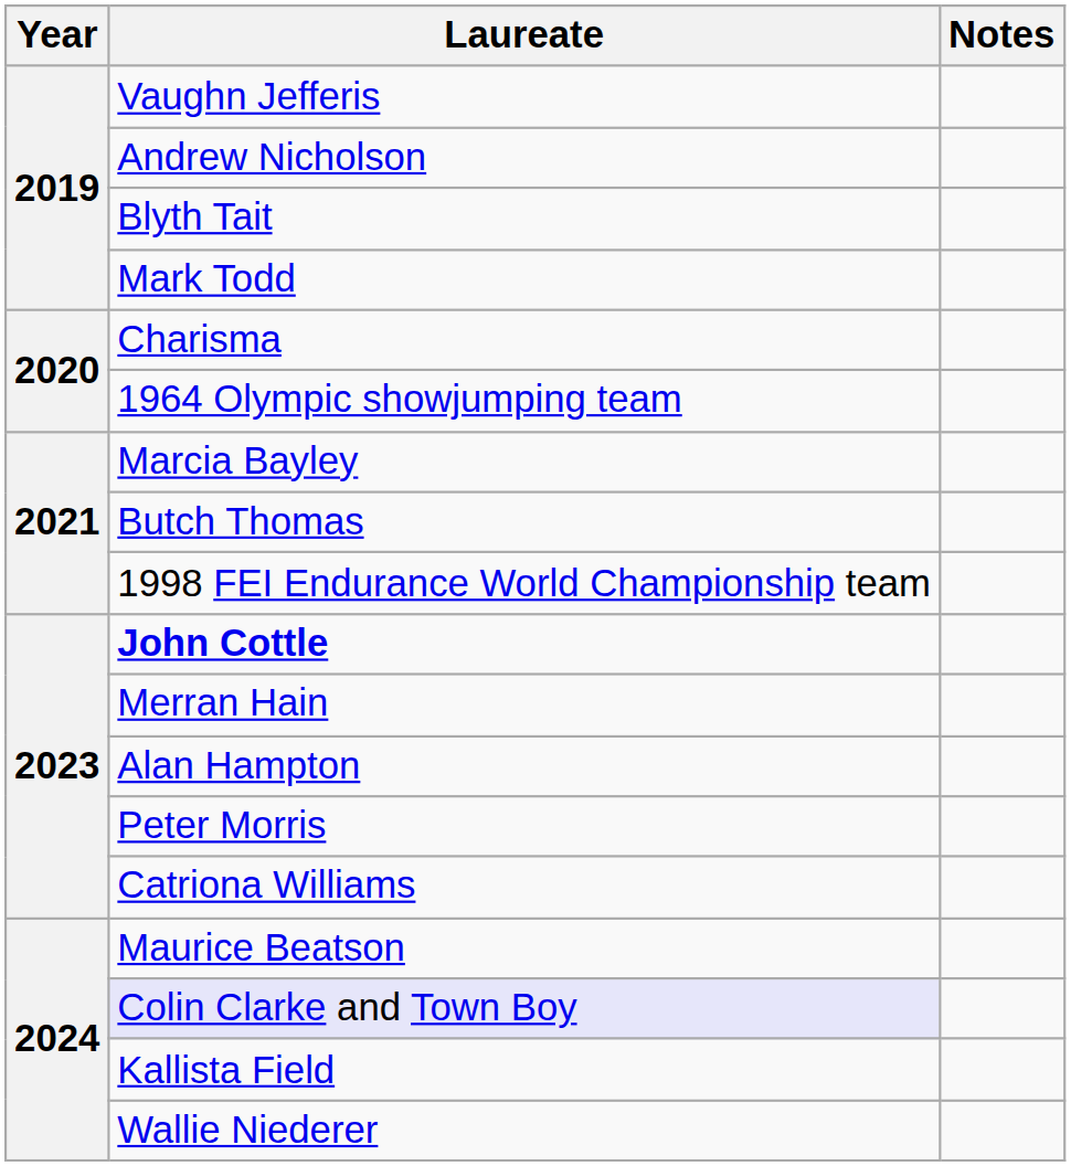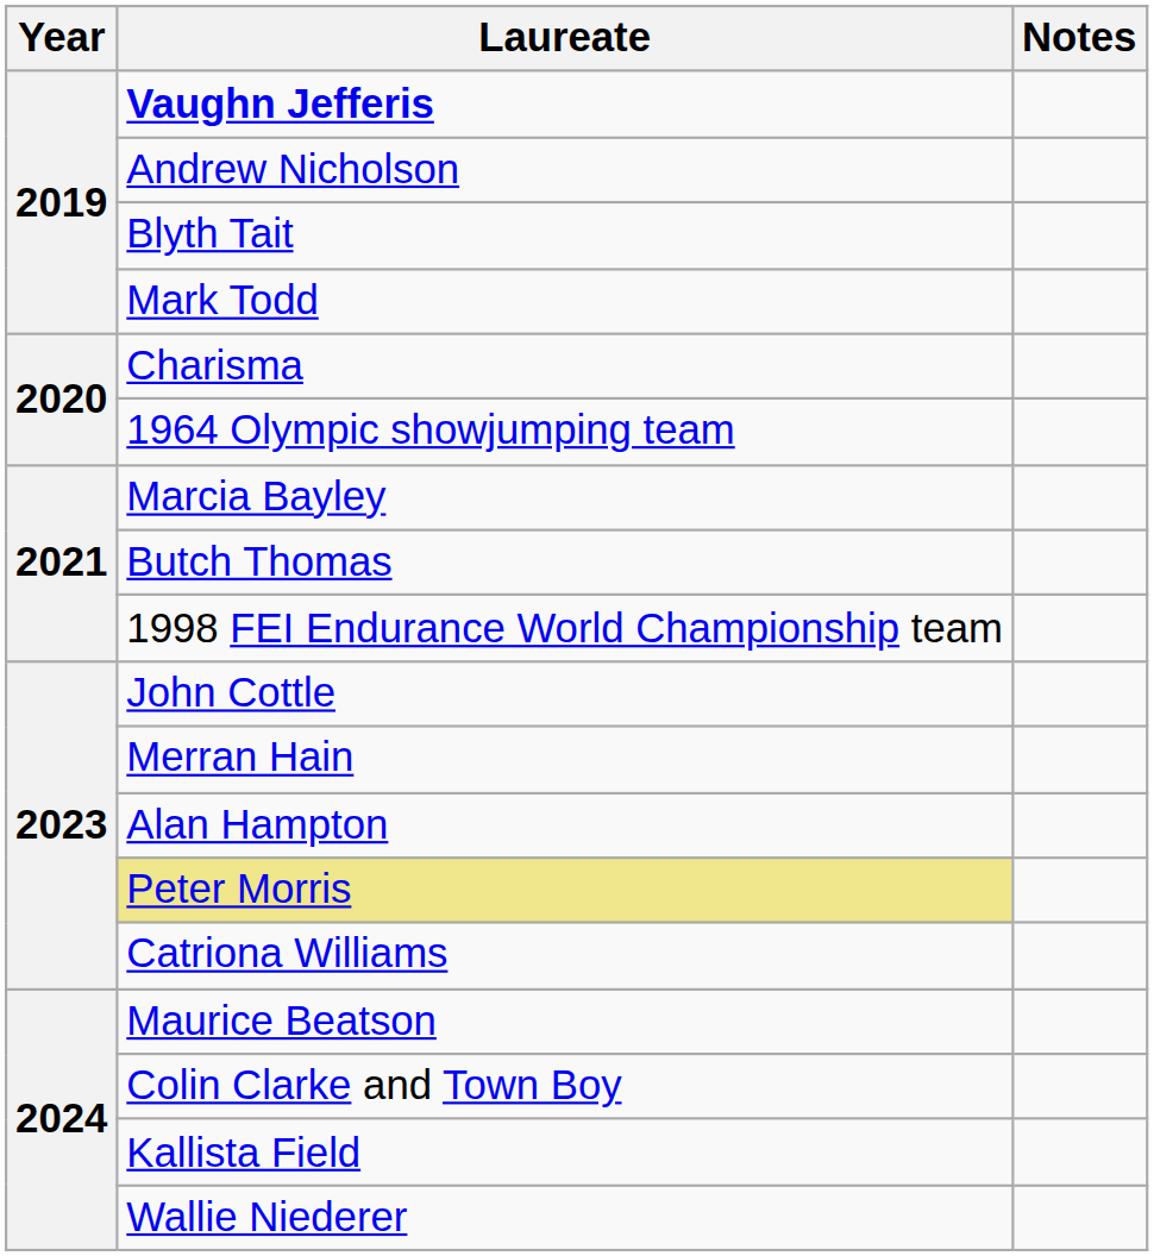 <table class="wikitable">
 <tr>
 <th>Year</th>
 <th>Laureate</th>
 <th>Notes</th>
 </tr>
 <tr>
 <th rowspan=4>2019</th>
-<td><a href='#'>Vaughn Jefferis</a></td>
+<td><strong><a href='#'>Vaughn Jefferis</a></strong></td>
 <td></td>
 </tr>
 <tr>
 <td><a href='#'>Andrew Nicholson</a></td>
 <td></td>
 </tr>
 <tr>
 <td><a href='#'>Blyth Tait</a></td>
 <td></td>
 </tr>
 <tr>
 <td><a href='#'>Mark Todd</a></td>
 <td></td>
 </tr>
 <tr>
 <th rowspan=2>2020</th>
 <td><a href='#'>Charisma</a></td>
 <td></td>
 </tr>
 <tr>
 <td><a href='#'>1964 Olympic showjumping team</a><small></small></td>
 <td></td>
 </tr>
 <tr>
 <th rowspan=3>2021</th>
 <td><a href='#'>Marcia Bayley</a></td>
 <td></td>
 </tr>
 <tr>
 <td><a href='#'>Butch Thomas</a></td>
 <td></td>
 </tr>
 <tr>
 <td>1998 <a href='#'>FEI Endurance World Championship</a> team<small></small></td>
 <td></td>
 </tr>
 <tr>
 <th rowspan=5>2023</th>
-<td><strong><a href='#'>John Cottle</a></strong></td>
+<td><a href='#'>John Cottle</a></td>
 <td></td>
 </tr>
 <tr>
 <td><a href='#'>Merran Hain</a></td>
 <td></td>
 </tr>
 <tr>
 <td><a href='#'>Alan Hampton</a></td>
 <td></td>
 </tr>
 <tr>
-<td><a href='#'>Peter Morris</a></td>
+<td style="background: khaki;"><a href='#'>Peter Morris</a></td>
 <td></td>
 </tr>
 <tr>
 <td><a href='#'>Catriona Williams</a></td>
 <td></td>
 </tr>
 <tr>
 <th rowspan=4>2024</th>
 <td><a href='#'>Maurice Beatson</a></td>
 <td></td>
 </tr>
 <tr>
-<td style="background: lavender;"><a href='#'>Colin Clarke</a> and <a href='#'>Town Boy</a></td>
+<td><a href='#'>Colin Clarke</a> and <a href='#'>Town Boy</a></td>
 <td></td>
 </tr>
 <tr>
 <td><a href='#'>Kallista Field</a></td>
 <td></td>
 </tr>
 <tr>
 <td><a href='#'>Wallie Niederer</a></td>
 <td></td>
 </tr>
 </table>
